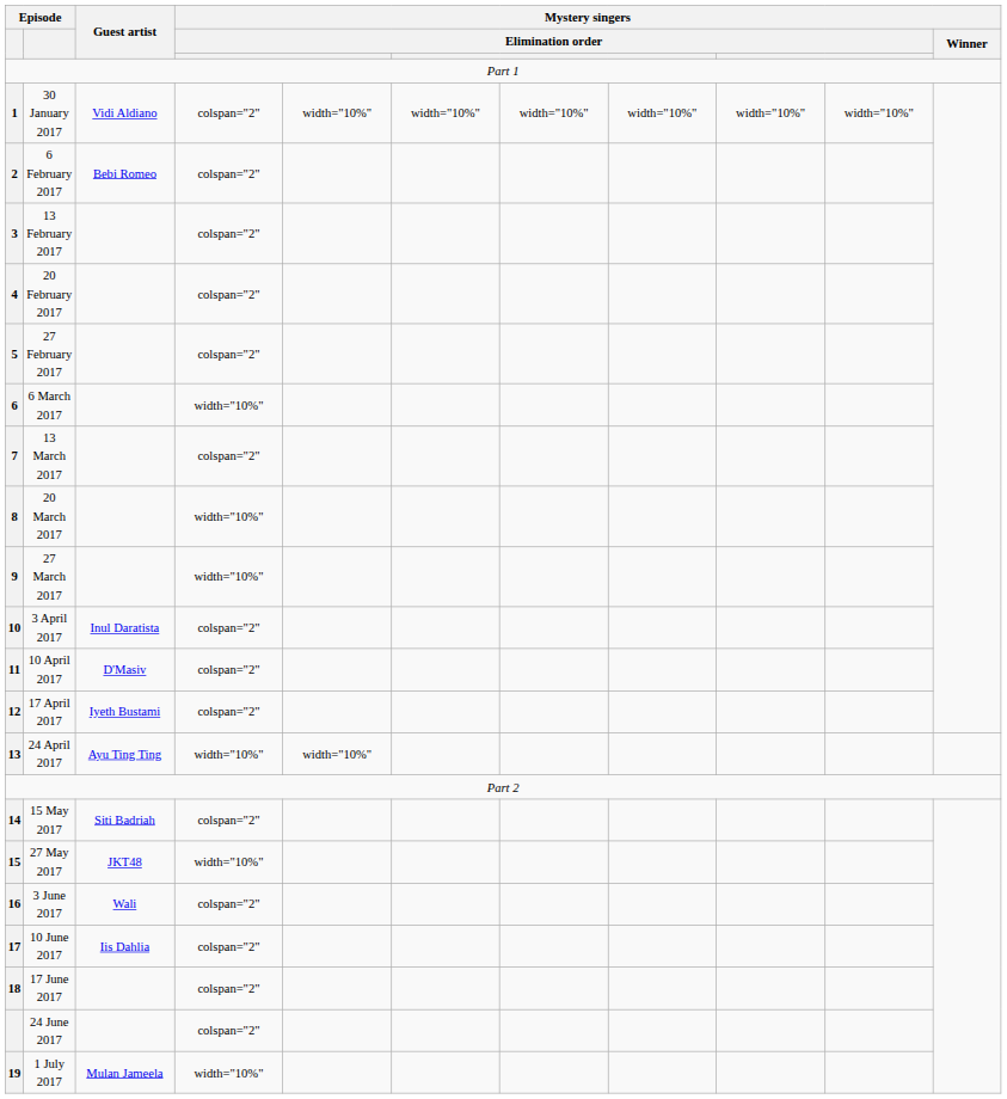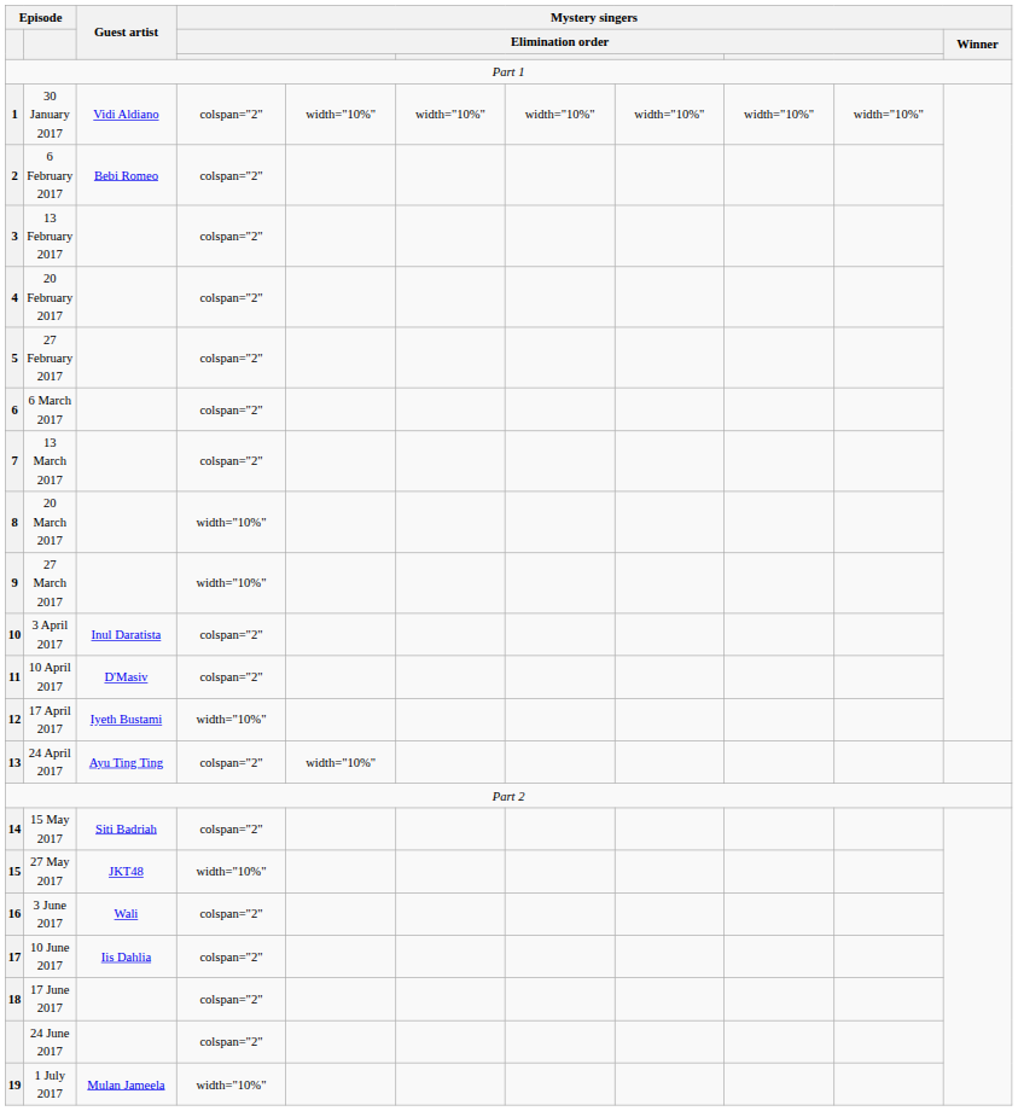 <table class="wikitable plainrowheaders mw-collapsible" style="text-align:center; line-height:23px; width:100%;">
 <tr>
 <th colspan="2" width="1%">Episode</th>
 <th rowspan="3" width="10%">Guest artist</th>
 <th colspan="8">Mystery singers<br></th>
 </tr>
 <tr>
 <th rowspan="2"></th>
 <th rowspan="2"></th>
 <th colspan="7">Elimination order</th>
 <th rowspan="2">Winner</th>
 </tr>
 <tr>
 <th colspan="2"></th>
 <th colspan="3"></th>
 <th colspan="2"></th>
 </tr>
 <tr>
 <td colspan="11"><em>Part 1</em></td>
 </tr>
 <tr>
 <th>1</th>
 <td>30 January 2017</td>
 <td><a href='#'>Vidi Aldiano</a></td>
 <td>colspan="2" </td>
 <td>width="10%" </td>
 <td>width="10%" </td>
 <td>width="10%" </td>
 <td>width="10%" </td>
 <td>width="10%" </td>
 <td>width="10%" </td>
 </tr>
 <tr>
 <th>2</th>
 <td>6 February 2017</td>
 <td><a href='#'>Bebi Romeo</a></td>
 <td>colspan="2" </td>
 <td></td>
 <td></td>
 <td></td>
 <td></td>
 <td></td>
 <td></td>
 </tr>
 <tr>
 <th>3</th>
 <td>13 February 2017</td>
 <td></td>
 <td>colspan="2" </td>
 <td></td>
 <td></td>
 <td></td>
 <td></td>
 <td></td>
 <td></td>
 </tr>
 <tr>
 <th>4</th>
 <td>20 February 2017</td>
 <td></td>
 <td>colspan="2" </td>
 <td></td>
 <td></td>
 <td></td>
 <td></td>
 <td></td>
 <td></td>
 </tr>
 <tr>
 <th>5</th>
 <td>27 February 2017</td>
 <td></td>
 <td>colspan="2" </td>
 <td></td>
 <td></td>
 <td></td>
 <td></td>
 <td></td>
 <td></td>
 </tr>
 <tr>
 <th>6</th>
 <td>6 March 2017</td>
 <td></td>
-<td>width="10%" </td>
+<td>colspan="2" </td>
 <td></td>
 <td></td>
 <td></td>
 <td></td>
 <td></td>
 <td></td>
 </tr>
 <tr>
 <th>7</th>
 <td>13 March 2017</td>
 <td></td>
 <td>colspan="2" </td>
 <td></td>
 <td></td>
 <td></td>
 <td></td>
 <td></td>
 <td></td>
 </tr>
 <tr>
 <th>8</th>
 <td>20 March 2017</td>
 <td></td>
 <td>width="10%" </td>
 <td></td>
 <td></td>
 <td></td>
 <td></td>
 <td></td>
 <td></td>
 </tr>
 <tr>
 <th>9</th>
 <td>27 March 2017</td>
 <td></td>
 <td>width="10%" </td>
 <td></td>
 <td></td>
 <td></td>
 <td></td>
 <td></td>
 <td></td>
 </tr>
 <tr>
 <th>10</th>
 <td>3 April 2017</td>
 <td><a href='#'>Inul Daratista</a></td>
 <td>colspan="2" </td>
 <td></td>
 <td></td>
 <td></td>
 <td></td>
 <td></td>
 <td></td>
 </tr>
 <tr>
 <th>11</th>
 <td>10 April 2017</td>
 <td><a href='#'>D'Masiv</a></td>
 <td>colspan="2" </td>
 <td></td>
 <td></td>
 <td></td>
 <td></td>
 <td></td>
 <td></td>
 </tr>
 <tr>
 <th>12</th>
 <td>17 April 2017</td>
 <td><a href='#'>Iyeth Bustami</a></td>
-<td>colspan="2" </td>
+<td>width="10%" </td>
 <td></td>
 <td></td>
 <td></td>
 <td></td>
 <td></td>
 <td></td>
 </tr>
 <tr>
 <th>13</th>
 <td>24 April 2017</td>
 <td><a href='#'>Ayu Ting Ting</a></td>
-<td>width="10%" </td>
+<td>colspan="2" </td>
 <td>width="10%" </td>
 <td></td>
 <td></td>
 <td></td>
 <td></td>
 <td></td>
 <td></td>
 </tr>
 <tr>
 <td colspan="11"><em>Part 2</em></td>
 </tr>
 <tr>
 <th>14</th>
 <td>15 May 2017</td>
 <td><a href='#'>Siti Badriah</a></td>
 <td>colspan="2" </td>
 <td></td>
 <td></td>
 <td></td>
 <td></td>
 <td></td>
 <td></td>
 </tr>
 <tr>
 <th>15</th>
 <td>27 May 2017</td>
 <td><a href='#'>JKT48</a><br></td>
 <td>width="10%" </td>
 <td></td>
 <td></td>
 <td></td>
 <td></td>
 <td></td>
 <td></td>
 </tr>
 <tr>
 <th>16</th>
 <td>3 June 2017</td>
 <td><a href='#'>Wali</a></td>
 <td>colspan="2" </td>
 <td></td>
 <td></td>
 <td></td>
 <td></td>
 <td></td>
 <td></td>
 </tr>
 <tr>
 <th>17</th>
 <td>10 June 2017</td>
 <td><a href='#'>Iis Dahlia</a></td>
 <td>colspan="2" </td>
 <td></td>
 <td></td>
 <td></td>
 <td></td>
 <td></td>
 <td></td>
 </tr>
 <tr>
 <th>18</th>
 <td>17 June 2017</td>
 <td></td>
 <td>colspan="2" </td>
 <td></td>
 <td></td>
 <td></td>
 <td></td>
 <td></td>
 <td></td>
 </tr>
 <tr>
 <th></th>
 <td>24 June 2017</td>
 <td></td>
 <td>colspan="2" </td>
 <td></td>
 <td></td>
 <td></td>
 <td></td>
 <td></td>
 <td></td>
 </tr>
 <tr>
 <th>19</th>
 <td>1 July 2017</td>
 <td><a href='#'>Mulan Jameela</a><br></td>
 <td>width="10%" </td>
 <td></td>
 <td></td>
 <td></td>
 <td></td>
 <td></td>
 <td></td>
 </tr>
 </table>
